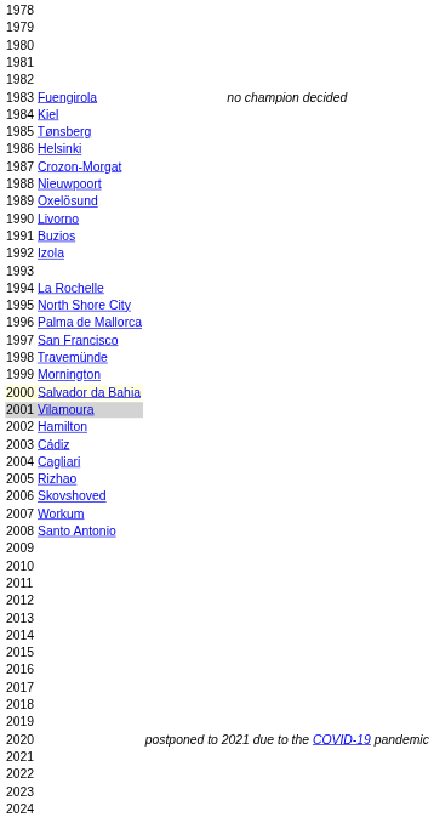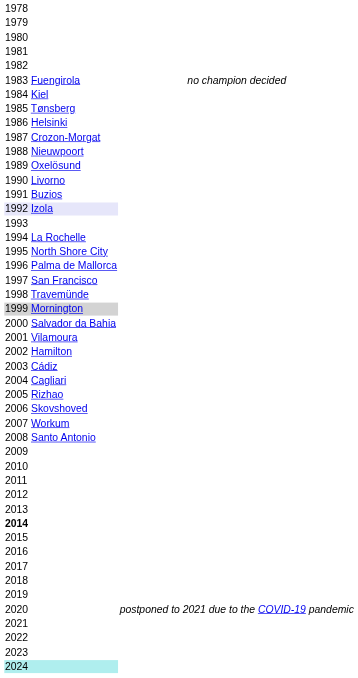 <table>
 <tr>
 <td>1978</td>
 <td></td>
 <td></td>
 <td></td>
 <td></td>
 </tr>
 <tr>
 <td>1979</td>
 <td></td>
 <td></td>
 <td></td>
 <td></td>
 </tr>
 <tr>
 <td>1980</td>
 <td></td>
 <td></td>
 <td></td>
 <td></td>
 </tr>
 <tr>
 <td>1981</td>
 <td></td>
 <td></td>
 <td></td>
 <td></td>
 </tr>
 <tr>
 <td>1982</td>
 <td></td>
 <td></td>
 <td></td>
 <td></td>
 </tr>
 <tr>
 <td>1983 <a href='#'>Fuengirola</a></td>
 <td colspan=3 align=center><em>no champion decided</em></td>
 <td></td>
 </tr>
 <tr>
 <td>1984 <a href='#'>Kiel</a></td>
 <td></td>
 <td></td>
 <td></td>
 <td></td>
 </tr>
 <tr>
 <td>1985 <a href='#'>Tønsberg</a></td>
 <td></td>
 <td></td>
 <td></td>
 <td></td>
 </tr>
 <tr>
 <td>1986 <a href='#'>Helsinki</a></td>
 <td></td>
 <td></td>
 <td></td>
 <td></td>
 </tr>
 <tr>
 <td>1987 <a href='#'>Crozon-Morgat</a></td>
 <td></td>
 <td></td>
 <td></td>
 <td></td>
 </tr>
 <tr>
 <td>1988 <a href='#'>Nieuwpoort</a></td>
 <td></td>
 <td></td>
 <td></td>
 <td></td>
 </tr>
 <tr>
 <td>1989 <a href='#'>Oxelösund</a></td>
 <td></td>
 <td></td>
 <td></td>
 <td></td>
 </tr>
 <tr>
 <td>1990 <a href='#'>Livorno</a></td>
 <td></td>
 <td></td>
 <td></td>
 <td></td>
 </tr>
 <tr>
 <td>1991 <a href='#'>Buzios</a></td>
 <td></td>
 <td></td>
 <td></td>
 <td></td>
 </tr>
 <tr>
-<td>1992 <a href='#'>Izola</a></td>
+<td style="background: lavender;">1992 <a href='#'>Izola</a></td>
 <td></td>
 <td></td>
 <td></td>
 <td></td>
 </tr>
 <tr>
 <td>1993</td>
 <td></td>
 <td></td>
 <td></td>
 <td></td>
 </tr>
 <tr>
 <td>1994 <a href='#'>La Rochelle</a></td>
 <td></td>
 <td></td>
 <td></td>
 <td></td>
 </tr>
 <tr>
 <td>1995 <a href='#'>North Shore City</a></td>
 <td></td>
 <td></td>
 <td></td>
 <td></td>
 </tr>
 <tr>
 <td>1996 <a href='#'>Palma de Mallorca</a></td>
 <td></td>
 <td></td>
 <td></td>
 <td></td>
 </tr>
 <tr>
 <td>1997 <a href='#'>San Francisco</a></td>
 <td></td>
 <td></td>
 <td></td>
 <td></td>
 </tr>
 <tr>
 <td>1998 <a href='#'>Travemünde</a></td>
 <td></td>
 <td></td>
 <td></td>
 <td></td>
 </tr>
 <tr>
-<td>1999 <a href='#'>Mornington</a></td>
+<td style="background: lightgrey;">1999 <a href='#'>Mornington</a></td>
 <td></td>
 <td></td>
 <td></td>
 <td></td>
 </tr>
 <tr>
-<td style="background: lightyellow;">2000 <a href='#'>Salvador da Bahia</a></td>
+<td>2000 <a href='#'>Salvador da Bahia</a></td>
 <td></td>
 <td></td>
 <td></td>
 <td></td>
 </tr>
 <tr>
-<td style="background: lightgrey;">2001 <a href='#'>Vilamoura</a></td>
+<td>2001 <a href='#'>Vilamoura</a></td>
 <td></td>
 <td></td>
 <td></td>
 <td></td>
 </tr>
 <tr>
 <td>2002 <a href='#'>Hamilton</a></td>
 <td></td>
 <td></td>
 <td></td>
 <td></td>
 </tr>
 <tr>
 <td>2003 <a href='#'>Cádiz</a></td>
 <td></td>
 <td></td>
 <td></td>
 <td></td>
 </tr>
 <tr>
 <td>2004 <a href='#'>Cagliari</a></td>
 <td></td>
 <td></td>
 <td></td>
 <td></td>
 </tr>
 <tr>
 <td>2005 <a href='#'>Rizhao</a></td>
 <td></td>
 <td></td>
 <td></td>
 <td></td>
 </tr>
 <tr>
 <td>2006 <a href='#'>Skovshoved</a></td>
 <td></td>
 <td></td>
 <td></td>
 <td></td>
 </tr>
 <tr>
 <td>2007 <a href='#'>Workum</a></td>
 <td></td>
 <td></td>
 <td></td>
 <td></td>
 </tr>
 <tr>
 <td>2008 <a href='#'>Santo Antonio</a></td>
 <td></td>
 <td></td>
 <td></td>
 <td></td>
 </tr>
 <tr>
 <td>2009</td>
 <td></td>
 <td></td>
 <td></td>
 <td></td>
 </tr>
 <tr>
 <td>2010</td>
 <td></td>
 <td></td>
 <td></td>
 <td></td>
 </tr>
 <tr>
 <td>2011</td>
 <td></td>
 <td></td>
 <td></td>
 <td></td>
 </tr>
 <tr>
 <td>2012</td>
 <td></td>
 <td></td>
 <td></td>
 <td></td>
 </tr>
 <tr>
 <td>2013</td>
 <td></td>
 <td></td>
 <td></td>
 <td></td>
 </tr>
 <tr>
-<td>2014</td>
+<td><strong>2014</strong></td>
 <td></td>
 <td></td>
 <td></td>
 <td></td>
 </tr>
 <tr>
 <td>2015</td>
 <td></td>
 <td></td>
 <td></td>
 <td></td>
 </tr>
 <tr>
 <td>2016</td>
 <td></td>
 <td></td>
 <td></td>
 <td></td>
 </tr>
 <tr>
 <td>2017</td>
 <td></td>
 <td></td>
 <td></td>
 <td></td>
 </tr>
 <tr>
 <td>2018</td>
 <td></td>
 <td></td>
 <td></td>
 <td></td>
 </tr>
 <tr>
 <td>2019</td>
 <td></td>
 <td></td>
 <td></td>
 <td></td>
 </tr>
 <tr>
 <td>2020</td>
 <td colspan=3 align=center><em>postponed to 2021 due to the <a href='#'>COVID-19</a> pandemic</em></td>
 <td></td>
 </tr>
 <tr>
 <td>2021</td>
 <td></td>
 <td></td>
 <td></td>
 <td></td>
 </tr>
 <tr>
 <td>2022</td>
 <td></td>
 <td></td>
 <td></td>
 <td></td>
 </tr>
 <tr>
 <td>2023</td>
 <td></td>
 <td></td>
 <td></td>
 <td></td>
 </tr>
 <tr>
-<td>2024</td>
+<td style="background: paleturquoise;">2024</td>
 <td></td>
 <td></td>
 <td></td>
 <td></td>
 </tr>
 </table>
